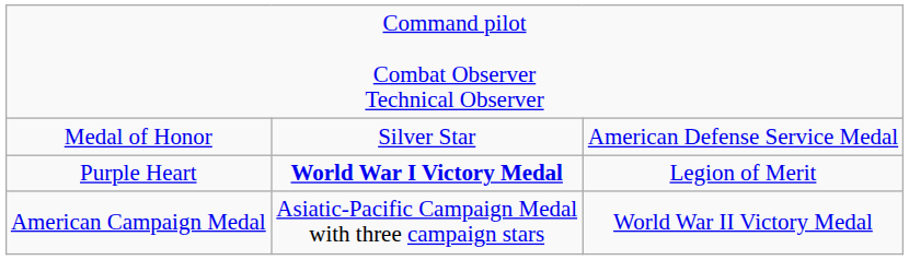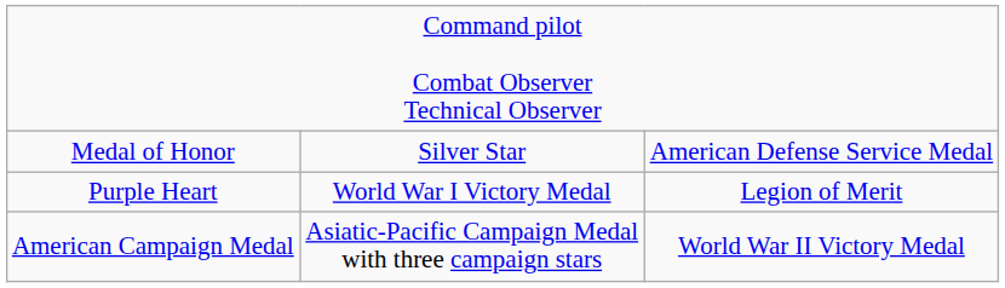 <table class="wikitable" style="margin:1em auto; text-align:center;">
 <tr>
 <td colspan="5"><a href='#'>Command pilot</a><br><br><a href='#'>Combat Observer</a><br> <a href='#'>Technical Observer</a></td>
 </tr>
 <tr>
 <td><a href='#'>Medal of Honor</a></td>
 <td><a href='#'>Silver Star</a></td>
 <td><a href='#'>American Defense Service Medal</a></td>
 </tr>
 <tr>
 <td><a href='#'>Purple Heart</a></td>
-<td><strong><a href='#'>World War I Victory Medal</a></strong></td>
+<td><a href='#'>World War I Victory Medal</a></td>
 <td><a href='#'>Legion of Merit</a></td>
 </tr>
 <tr>
 <td><a href='#'>American Campaign Medal</a></td>
 <td><a href='#'>Asiatic-Pacific Campaign Medal</a><br>with three <a href='#'>campaign stars</a></td>
 <td><a href='#'>World War II Victory Medal</a></td>
 </tr>
 </table>
